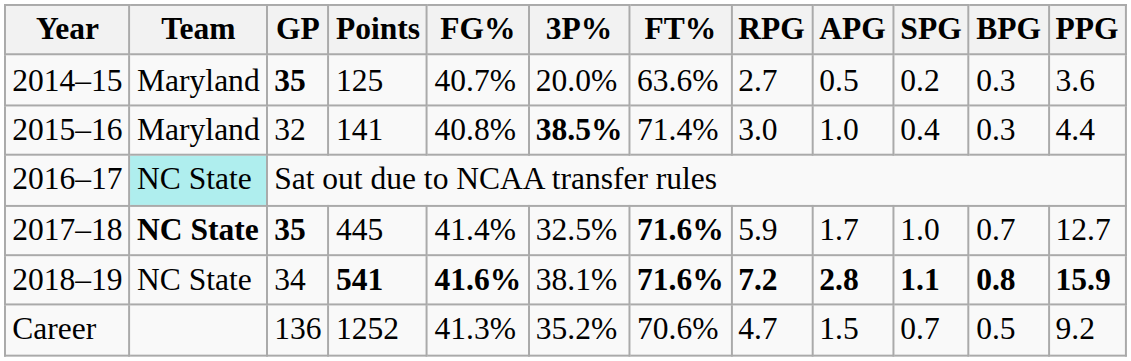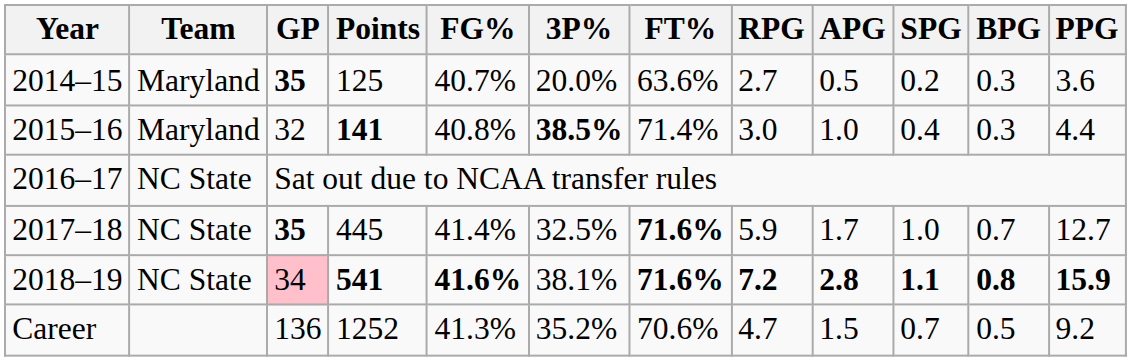 <table class="wikitable">
 <tr>
 <th>Year</th>
 <th>Team</th>
 <th>GP</th>
 <th>Points</th>
 <th>FG%</th>
 <th>3P%</th>
 <th>FT%</th>
 <th>RPG</th>
 <th>APG</th>
 <th>SPG</th>
 <th>BPG</th>
 <th>PPG</th>
 </tr>
 <tr>
 <td>2014–15</td>
 <td>Maryland</td>
 <td><strong>35</strong></td>
 <td>125</td>
 <td>40.7%</td>
 <td>20.0%</td>
 <td>63.6%</td>
 <td>2.7</td>
 <td>0.5</td>
 <td>0.2</td>
 <td>0.3</td>
 <td>3.6</td>
 </tr>
 <tr>
 <td>2015–16</td>
 <td>Maryland</td>
 <td>32</td>
-<td>141</td>
+<td><strong>141</strong></td>
 <td>40.8%</td>
 <td><strong>38.5%</strong></td>
 <td>71.4%</td>
 <td>3.0</td>
 <td>1.0</td>
 <td>0.4</td>
 <td>0.3</td>
 <td>4.4</td>
 </tr>
 <tr>
 <td>2016–17</td>
-<td style="background: paleturquoise;">NC State</td>
+<td>NC State</td>
 <td colspan="10">Sat out due to NCAA transfer rules</td>
 </tr>
 <tr>
 <td>2017–18</td>
-<td><strong>NC State</strong></td>
+<td>NC State</td>
 <td><strong>35</strong></td>
 <td>445</td>
 <td>41.4%</td>
 <td>32.5%</td>
 <td><strong>71.6%</strong></td>
 <td>5.9</td>
 <td>1.7</td>
 <td>1.0</td>
 <td>0.7</td>
 <td>12.7</td>
 </tr>
 <tr>
 <td>2018–19</td>
 <td>NC State</td>
-<td>34</td>
+<td style="background: pink;">34</td>
 <td><strong>541</strong></td>
 <td><strong>41.6%</strong></td>
 <td>38.1%</td>
 <td><strong>71.6%</strong></td>
 <td><strong>7.2</strong></td>
 <td><strong>2.8</strong></td>
 <td><strong>1.1</strong></td>
 <td><strong>0.8</strong></td>
 <td><strong>15.9</strong></td>
 </tr>
 <tr>
 <td>Career</td>
 <td></td>
 <td>136</td>
 <td>1252</td>
 <td>41.3%</td>
 <td>35.2%</td>
 <td>70.6%</td>
 <td>4.7</td>
 <td>1.5</td>
 <td>0.7</td>
 <td>0.5</td>
 <td>9.2</td>
 </tr>
 </table>
